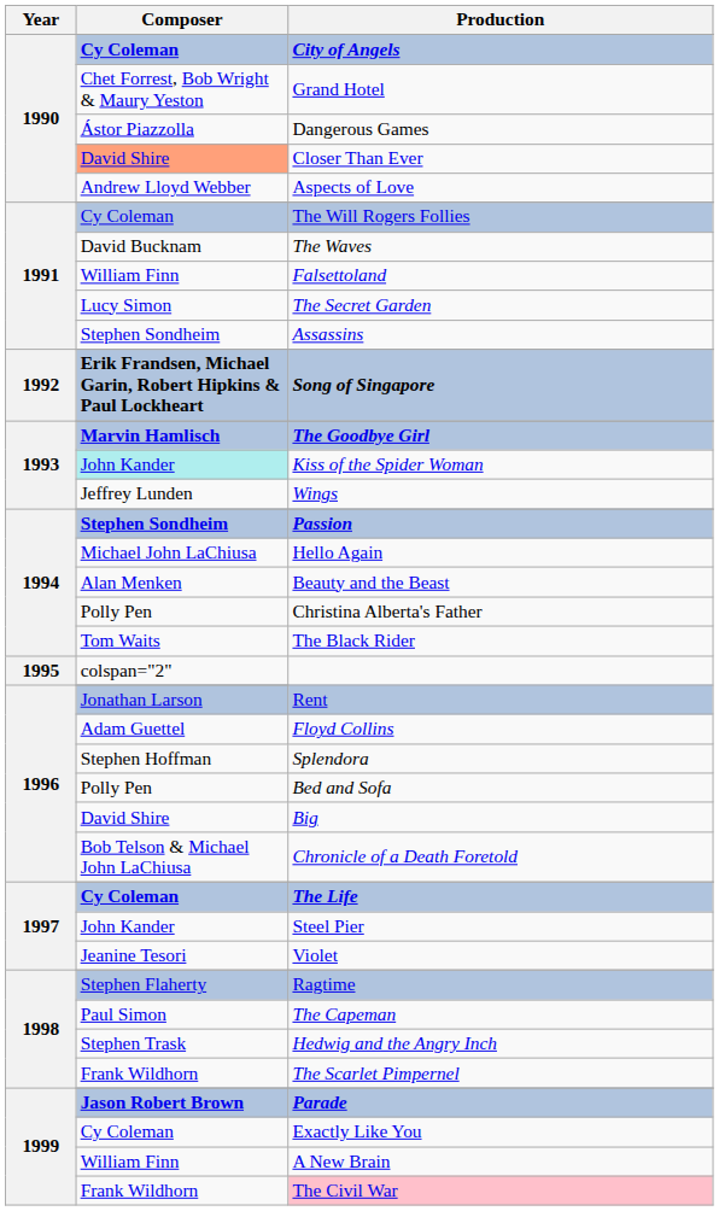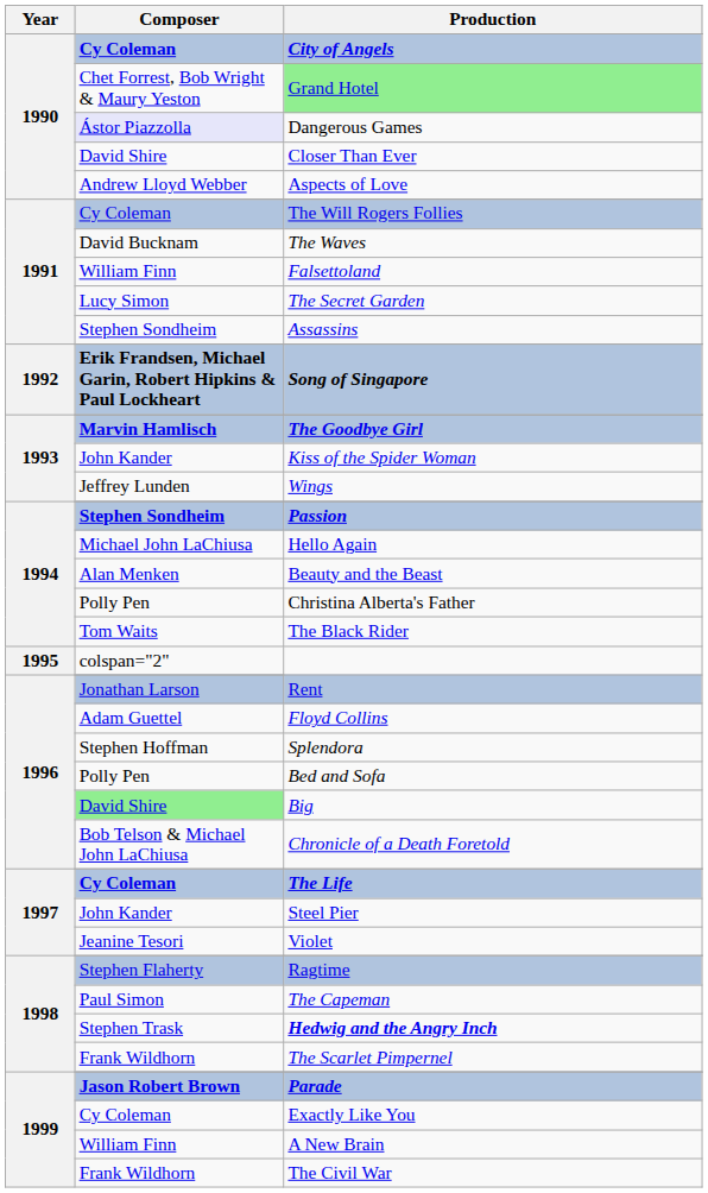 <table class="wikitable" style="width:98%;">
 <tr style="background:#bebebe;">
 <th style="width:10%;">Year</th>
 <th style="width:30%;">Composer</th>
 <th style="width:60%;">Production</th>
 </tr>
 <tr>
 <th rowspan="6" align="center">1990</th>
 </tr>
 <tr style="background:#B0C4DE">
 <td><strong><a href='#'>Cy Coleman</a></strong></td>
 <td><strong><em><a href='#'>City of Angels</a><em> <strong></td>
 </tr>
 <tr>
 <td><a href='#'>Chet Forrest</a>, <a href='#'>Bob Wright</a> & <a href='#'>Maury Yeston</a></td>
-<td></em><a href='#'>Grand Hotel</a><em></td>
+<td style="background: lightgreen;"></em><a href='#'>Grand Hotel</a><em></td>
 </tr>
 <tr>
-<td><a href='#'>Ástor Piazzolla</a></td>
+<td style="background: lavender;"><a href='#'>Ástor Piazzolla</a></td>
 <td></em>Dangerous Games<em></td>
 </tr>
 <tr>
-<td style="background: lightsalmon;"><a href='#'>David Shire</a></td>
+<td><a href='#'>David Shire</a></td>
 <td></em><a href='#'>Closer Than Ever</a><em></td>
 </tr>
 <tr>
 <td><a href='#'>Andrew Lloyd Webber</a></td>
 <td></em><a href='#'>Aspects of Love</a><em></td>
 </tr>
 <tr>
 <th rowspan="6" align="center">1991</th>
 </tr>
 <tr style="background:#B0C4DE">
 <td></strong><a href='#'>Cy Coleman</a><strong></td>
 <td></em></strong><a href='#'>The Will Rogers Follies</a></em> </strong></td>
 </tr>
 <tr>
 <td>David Bucknam</td>
 <td><em>The Waves</em></td>
 </tr>
 <tr>
 <td><a href='#'>William Finn</a></td>
 <td><em><a href='#'>Falsettoland</a></em></td>
 </tr>
 <tr>
 <td><a href='#'>Lucy Simon</a></td>
 <td><em><a href='#'>The Secret Garden</a></em></td>
 </tr>
 <tr>
 <td><a href='#'>Stephen Sondheim</a></td>
 <td><em><a href='#'>Assassins</a></em></td>
 </tr>
 <tr>
 <th rowspan="2" align="center">1992</th>
 </tr>
 <tr style="background:#B0C4DE">
 <td><strong>Erik Frandsen, Michael Garin, Robert Hipkins & Paul Lockheart</strong></td>
 <td><strong><em>Song of Singapore</em></strong></td>
 </tr>
 <tr>
 <th rowspan="4" align="center">1993</th>
 </tr>
 <tr style="background:#B0C4DE">
 <td><strong><a href='#'>Marvin Hamlisch</a></strong></td>
 <td><strong><em><a href='#'>The Goodbye Girl</a></em></strong></td>
 </tr>
 <tr>
-<td style="background: paleturquoise;"><a href='#'>John Kander</a></td>
+<td><a href='#'>John Kander</a></td>
 <td><em><a href='#'>Kiss of the Spider Woman</a></em></td>
 </tr>
 <tr>
 <td>Jeffrey Lunden</td>
 <td><em><a href='#'>Wings</a></em></td>
 </tr>
 <tr>
 <th rowspan="6" align="center">1994</th>
 </tr>
 <tr style="background:#B0C4DE">
 <td><strong><a href='#'>Stephen Sondheim</a></strong></td>
 <td><strong><em><a href='#'>Passion</a><em> <strong></td>
 </tr>
 <tr>
 <td><a href='#'>Michael John LaChiusa</a></td>
 <td></em><a href='#'>Hello Again</a><em></td>
 </tr>
 <tr>
 <td><a href='#'>Alan Menken</a></td>
 <td></em><a href='#'>Beauty and the Beast</a><em></td>
 </tr>
 <tr>
 <td>Polly Pen</td>
 <td></em>Christina Alberta's Father<em></td>
 </tr>
 <tr>
 <td><a href='#'>Tom Waits</a></td>
 <td></em><a href='#'>The Black Rider</a><em></td>
 </tr>
 <tr>
 <th align="center">1995</th>
 <td>colspan="2" </td>
 </tr>
 <tr>
 <th rowspan="7" align="center">1996</th>
 </tr>
 <tr style="background:#B0C4DE">
 <td></strong><a href='#'>Jonathan Larson</a><strong></td>
 <td></em></strong><a href='#'>Rent</a></em> </strong></td>
 </tr>
 <tr>
 <td><a href='#'>Adam Guettel</a></td>
 <td><em><a href='#'>Floyd Collins</a></em></td>
 </tr>
 <tr>
 <td>Stephen Hoffman</td>
 <td><em>Splendora</em></td>
 </tr>
 <tr>
 <td>Polly Pen</td>
 <td><em>Bed and Sofa</em></td>
 </tr>
 <tr>
-<td><a href='#'>David Shire</a></td>
+<td style="background: lightgreen;"><a href='#'>David Shire</a></td>
 <td><em><a href='#'>Big</a></em></td>
 </tr>
 <tr>
 <td><a href='#'>Bob Telson</a> & <a href='#'>Michael John LaChiusa</a></td>
 <td><em><a href='#'>Chronicle of a Death Foretold</a></em></td>
 </tr>
 <tr>
 <th rowspan="4" align="center">1997</th>
 </tr>
 <tr style="background:#B0C4DE">
 <td><strong><a href='#'>Cy Coleman</a></strong></td>
 <td><strong><em><a href='#'>The Life</a><em> <strong></td>
 </tr>
 <tr>
 <td><a href='#'>John Kander</a></td>
 <td></em><a href='#'>Steel Pier</a><em></td>
 </tr>
 <tr>
 <td><a href='#'>Jeanine Tesori</a></td>
 <td></em><a href='#'>Violet</a><em></td>
 </tr>
 <tr>
 <th rowspan="5" align="center">1998</th>
 </tr>
 <tr style="background:#B0C4DE">
 <td></strong><a href='#'>Stephen Flaherty</a><strong></td>
 <td></em></strong><a href='#'>Ragtime</a></em> </strong></td>
 </tr>
 <tr>
 <td><a href='#'>Paul Simon</a></td>
 <td><em><a href='#'>The Capeman</a></em></td>
 </tr>
 <tr>
 <td><a href='#'>Stephen Trask</a></td>
-<td><em><a href='#'>Hedwig and the Angry Inch</a></em></td>
+<td><strong><em><a href='#'>Hedwig and the Angry Inch</a></em></strong></td>
 </tr>
 <tr>
 <td><a href='#'>Frank Wildhorn</a></td>
 <td><em><a href='#'>The Scarlet Pimpernel</a></em></td>
 </tr>
 <tr>
 <th rowspan="5" align="center">1999</th>
 </tr>
 <tr style="background:#B0C4DE">
 <td><strong><a href='#'>Jason Robert Brown</a></strong></td>
 <td><strong><em><a href='#'>Parade</a><em> <strong></td>
 </tr>
 <tr>
 <td><a href='#'>Cy Coleman</a></td>
 <td></em><a href='#'>Exactly Like You</a><em></td>
 </tr>
 <tr>
 <td><a href='#'>William Finn</a></td>
 <td></em><a href='#'>A New Brain</a><em></td>
 </tr>
 <tr>
 <td><a href='#'>Frank Wildhorn</a></td>
-<td style="background: pink;"></em><a href='#'>The Civil War</a><em></td>
+<td></em><a href='#'>The Civil War</a><em></td>
 </tr>
 </table>
